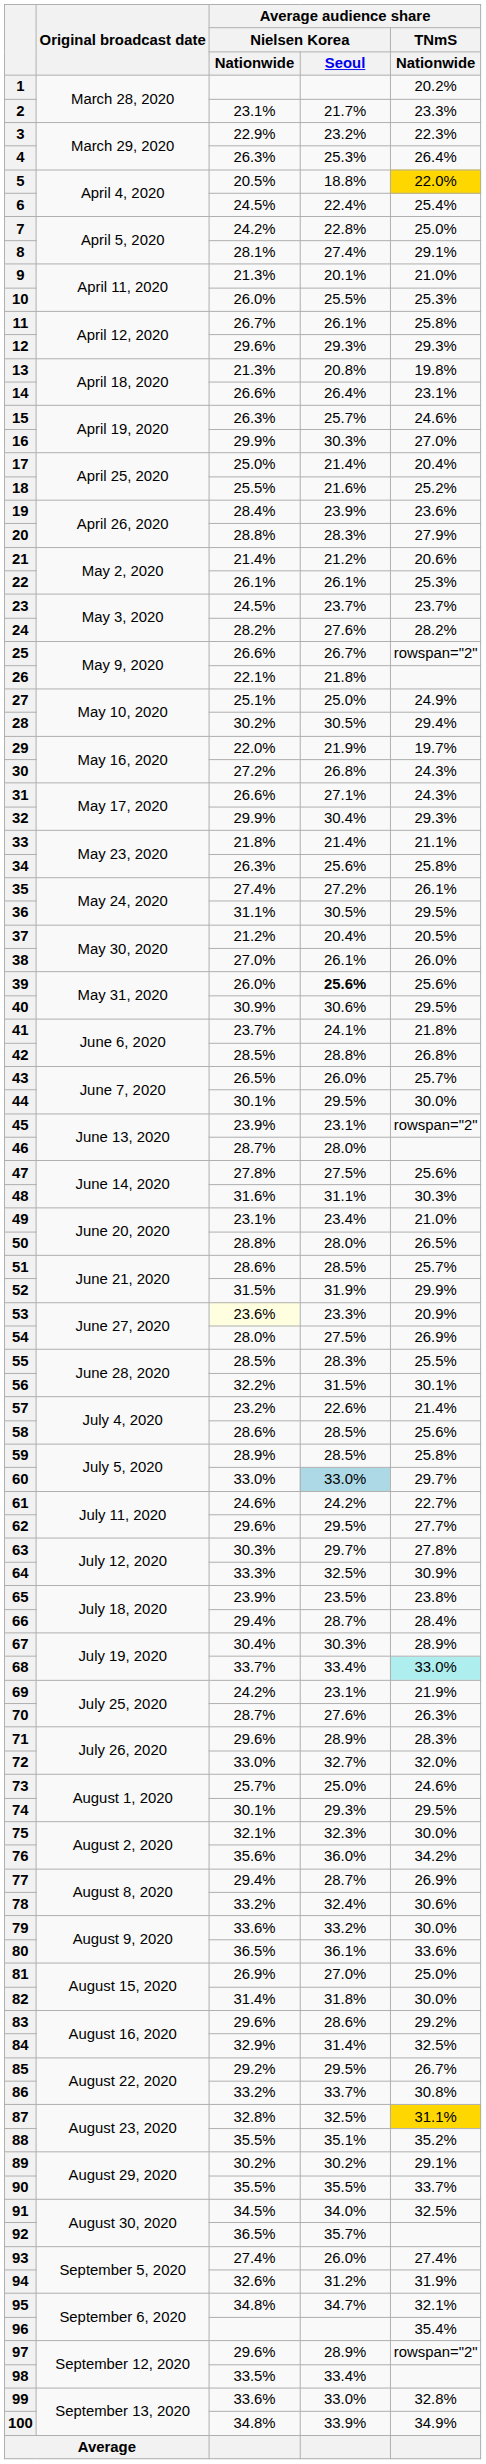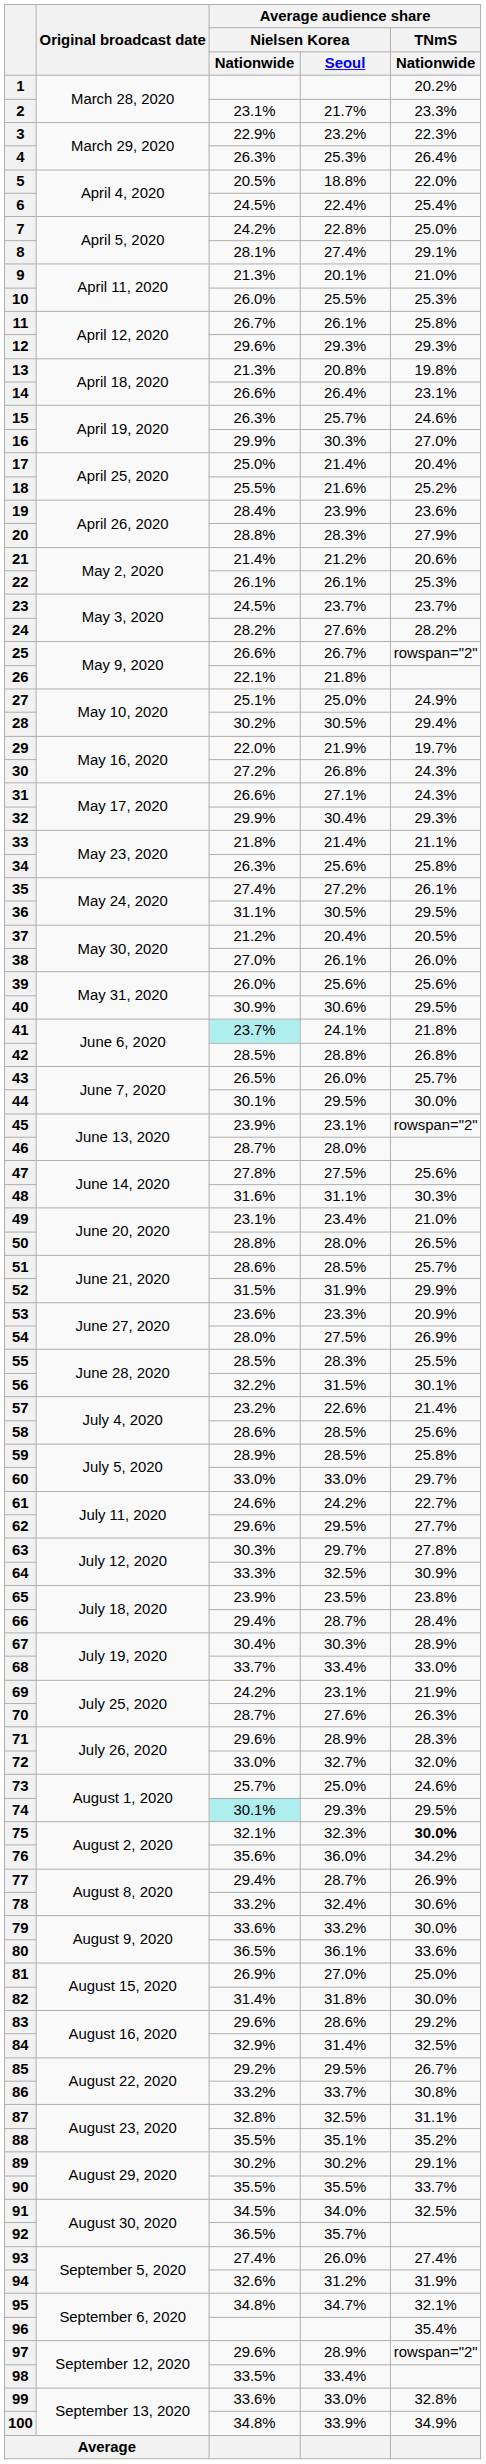 <table class="wikitable" style="text-align:center">
 <tr>
 <th rowspan="3"></th>
 <th rowspan="3">Original broadcast date</th>
 <th colspan="3">Average audience share</th>
 </tr>
 <tr>
 <th colspan="2">Nielsen Korea</th>
 <th>TNmS</th>
 </tr>
 <tr>
 <th width="90">Nationwide</th>
 <th width="90"><a href='#'>Seoul</a></th>
 <th width="90">Nationwide</th>
 </tr>
 <tr>
 <th>1</th>
 <td rowspan="2">March 28, 2020</td>
 <td></td>
 <td></td>
 <td>20.2%</td>
 </tr>
 <tr>
 <th>2</th>
 <td>23.1%</td>
 <td>21.7%</td>
 <td>23.3%</td>
 </tr>
 <tr>
 <th>3</th>
 <td rowspan="2">March 29, 2020</td>
 <td>22.9%</td>
 <td>23.2%</td>
 <td>22.3%</td>
 </tr>
 <tr>
 <th>4</th>
 <td>26.3%</td>
 <td>25.3%</td>
 <td>26.4%</td>
 </tr>
 <tr>
 <th>5</th>
 <td rowspan="2">April 4, 2020</td>
 <td>20.5%</td>
 <td>18.8%</td>
-<td style="background: gold;">22.0%</td>
+<td>22.0%</td>
 </tr>
 <tr>
 <th>6</th>
 <td>24.5%</td>
 <td>22.4%</td>
 <td>25.4%</td>
 </tr>
 <tr>
 <th>7</th>
 <td rowspan="2">April 5, 2020</td>
 <td>24.2%</td>
 <td>22.8%</td>
 <td>25.0%</td>
 </tr>
 <tr>
 <th>8</th>
 <td>28.1%</td>
 <td>27.4%</td>
 <td>29.1%</td>
 </tr>
 <tr>
 <th>9</th>
 <td rowspan="2">April 11, 2020</td>
 <td>21.3%</td>
 <td>20.1%</td>
 <td>21.0%</td>
 </tr>
 <tr>
 <th>10</th>
 <td>26.0%</td>
 <td>25.5%</td>
 <td>25.3%</td>
 </tr>
 <tr>
 <th>11</th>
 <td rowspan="2">April 12, 2020</td>
 <td>26.7%</td>
 <td>26.1%</td>
 <td>25.8%</td>
 </tr>
 <tr>
 <th>12</th>
 <td>29.6%</td>
 <td>29.3%</td>
 <td>29.3%</td>
 </tr>
 <tr>
 <th>13</th>
 <td rowspan="2">April 18, 2020</td>
 <td>21.3%</td>
 <td>20.8%</td>
 <td>19.8%</td>
 </tr>
 <tr>
 <th>14</th>
 <td>26.6%</td>
 <td>26.4%</td>
 <td>23.1%</td>
 </tr>
 <tr>
 <th>15</th>
 <td rowspan="2">April 19, 2020</td>
 <td>26.3%</td>
 <td>25.7%</td>
 <td>24.6%</td>
 </tr>
 <tr>
 <th>16</th>
 <td>29.9%</td>
 <td>30.3%</td>
 <td>27.0%</td>
 </tr>
 <tr>
 <th>17</th>
 <td rowspan="2">April 25, 2020</td>
 <td>25.0%</td>
 <td>21.4%</td>
 <td>20.4%</td>
 </tr>
 <tr>
 <th>18</th>
 <td>25.5%</td>
 <td>21.6%</td>
 <td>25.2%</td>
 </tr>
 <tr>
 <th>19</th>
 <td rowspan="2">April 26, 2020</td>
 <td>28.4%</td>
 <td>23.9%</td>
 <td>23.6%</td>
 </tr>
 <tr>
 <th>20</th>
 <td>28.8%</td>
 <td>28.3%</td>
 <td>27.9%</td>
 </tr>
 <tr>
 <th>21</th>
 <td rowspan="2">May 2, 2020</td>
 <td>21.4%</td>
 <td>21.2%</td>
 <td>20.6%</td>
 </tr>
 <tr>
 <th>22</th>
 <td>26.1%</td>
 <td>26.1%</td>
 <td>25.3%</td>
 </tr>
 <tr>
 <th>23</th>
 <td rowspan="2">May 3, 2020</td>
 <td>24.5%</td>
 <td>23.7%</td>
 <td>23.7%</td>
 </tr>
 <tr>
 <th>24</th>
 <td>28.2%</td>
 <td>27.6%</td>
 <td>28.2%</td>
 </tr>
 <tr>
 <th>25</th>
 <td rowspan="2">May 9, 2020</td>
 <td>26.6%</td>
 <td>26.7%</td>
 <td>rowspan="2" </td>
 </tr>
 <tr>
 <th>26</th>
 <td>22.1%</td>
 <td>21.8%</td>
 </tr>
 <tr>
 <th>27</th>
 <td rowspan="2">May 10, 2020</td>
 <td>25.1%</td>
 <td>25.0%</td>
 <td>24.9%</td>
 </tr>
 <tr>
 <th>28</th>
 <td>30.2%</td>
 <td>30.5%</td>
 <td>29.4%</td>
 </tr>
 <tr>
 <th>29</th>
 <td rowspan="2">May 16, 2020</td>
 <td>22.0%</td>
 <td>21.9%</td>
 <td>19.7%</td>
 </tr>
 <tr>
 <th>30</th>
 <td>27.2%</td>
 <td>26.8%</td>
 <td>24.3%</td>
 </tr>
 <tr>
 <th>31</th>
 <td rowspan="2">May 17, 2020</td>
 <td>26.6%</td>
 <td>27.1%</td>
 <td>24.3%</td>
 </tr>
 <tr>
 <th>32</th>
 <td>29.9%</td>
 <td>30.4%</td>
 <td>29.3%</td>
 </tr>
 <tr>
 <th>33</th>
 <td rowspan="2">May 23, 2020</td>
 <td>21.8%</td>
 <td>21.4%</td>
 <td>21.1%</td>
 </tr>
 <tr>
 <th>34</th>
 <td>26.3%</td>
 <td>25.6%</td>
 <td>25.8%</td>
 </tr>
 <tr>
 <th>35</th>
 <td rowspan="2">May 24, 2020</td>
 <td>27.4%</td>
 <td>27.2%</td>
 <td>26.1%</td>
 </tr>
 <tr>
 <th>36</th>
 <td>31.1%</td>
 <td>30.5%</td>
 <td>29.5%</td>
 </tr>
 <tr>
 <th>37</th>
 <td rowspan="2">May 30, 2020</td>
 <td>21.2%</td>
 <td>20.4%</td>
 <td>20.5%</td>
 </tr>
 <tr>
 <th>38</th>
 <td>27.0%</td>
 <td>26.1%</td>
 <td>26.0%</td>
 </tr>
 <tr>
 <th>39</th>
 <td rowspan="2">May 31, 2020</td>
 <td>26.0%</td>
-<td><strong>25.6%</strong></td>
+<td>25.6%</td>
 <td>25.6%</td>
 </tr>
 <tr>
 <th>40</th>
 <td>30.9%</td>
 <td>30.6%</td>
 <td>29.5%</td>
 </tr>
 <tr>
 <th>41</th>
 <td rowspan="2">June 6, 2020</td>
-<td>23.7%</td>
+<td style="background: paleturquoise;">23.7%</td>
 <td>24.1%</td>
 <td>21.8%</td>
 </tr>
 <tr>
 <th>42</th>
 <td>28.5%</td>
 <td>28.8%</td>
 <td>26.8%</td>
 </tr>
 <tr>
 <th>43</th>
 <td rowspan="2">June 7, 2020</td>
 <td>26.5%</td>
 <td>26.0%</td>
 <td>25.7%</td>
 </tr>
 <tr>
 <th>44</th>
 <td>30.1%</td>
 <td>29.5%</td>
 <td>30.0%</td>
 </tr>
 <tr>
 <th>45</th>
 <td rowspan="2">June 13, 2020</td>
 <td>23.9%</td>
 <td>23.1%</td>
 <td>rowspan="2" </td>
 </tr>
 <tr>
 <th>46</th>
 <td>28.7%</td>
 <td>28.0%</td>
 </tr>
 <tr>
 <th>47</th>
 <td rowspan="2">June 14, 2020</td>
 <td>27.8%</td>
 <td>27.5%</td>
 <td>25.6%</td>
 </tr>
 <tr>
 <th>48</th>
 <td>31.6%</td>
 <td>31.1%</td>
 <td>30.3%</td>
 </tr>
 <tr>
 <th>49</th>
 <td rowspan="2">June 20, 2020</td>
 <td>23.1%</td>
 <td>23.4%</td>
 <td>21.0%</td>
 </tr>
 <tr>
 <th>50</th>
 <td>28.8%</td>
 <td>28.0%</td>
 <td>26.5%</td>
 </tr>
 <tr>
 <th>51</th>
 <td rowspan="2">June 21, 2020</td>
 <td>28.6%</td>
 <td>28.5%</td>
 <td>25.7%</td>
 </tr>
 <tr>
 <th>52</th>
 <td>31.5%</td>
 <td>31.9%</td>
 <td>29.9%</td>
 </tr>
 <tr>
 <th>53</th>
 <td rowspan="2">June 27, 2020</td>
-<td style="background: lightyellow;">23.6%</td>
+<td>23.6%</td>
 <td>23.3%</td>
 <td>20.9%</td>
 </tr>
 <tr>
 <th>54</th>
 <td>28.0%</td>
 <td>27.5%</td>
 <td>26.9%</td>
 </tr>
 <tr>
 <th>55</th>
 <td rowspan="2">June 28, 2020</td>
 <td>28.5%</td>
 <td>28.3%</td>
 <td>25.5%</td>
 </tr>
 <tr>
 <th>56</th>
 <td>32.2%</td>
 <td>31.5%</td>
 <td>30.1%</td>
 </tr>
 <tr>
 <th>57</th>
 <td rowspan="2">July 4, 2020</td>
 <td>23.2%</td>
 <td>22.6%</td>
 <td>21.4%</td>
 </tr>
 <tr>
 <th>58</th>
 <td>28.6%</td>
 <td>28.5%</td>
 <td>25.6%</td>
 </tr>
 <tr>
 <th>59</th>
 <td rowspan="2">July 5, 2020</td>
 <td>28.9%</td>
 <td>28.5%</td>
 <td>25.8%</td>
 </tr>
 <tr>
 <th>60</th>
 <td>33.0%</td>
-<td style="background: lightblue;">33.0%</td>
+<td>33.0%</td>
 <td>29.7%</td>
 </tr>
 <tr>
 <th>61</th>
 <td rowspan="2">July 11, 2020</td>
 <td>24.6%</td>
 <td>24.2%</td>
 <td>22.7%</td>
 </tr>
 <tr>
 <th>62</th>
 <td>29.6%</td>
 <td>29.5%</td>
 <td>27.7%</td>
 </tr>
 <tr>
 <th>63</th>
 <td rowspan="2">July 12, 2020</td>
 <td>30.3%</td>
 <td>29.7%</td>
 <td>27.8%</td>
 </tr>
 <tr>
 <th>64</th>
 <td>33.3%</td>
 <td>32.5%</td>
 <td>30.9%</td>
 </tr>
 <tr>
 <th>65</th>
 <td rowspan="2">July 18, 2020</td>
 <td>23.9%</td>
 <td>23.5%</td>
 <td>23.8%</td>
 </tr>
 <tr>
 <th>66</th>
 <td>29.4%</td>
 <td>28.7%</td>
 <td>28.4%</td>
 </tr>
 <tr>
 <th>67</th>
 <td rowspan="2">July 19, 2020</td>
 <td>30.4%</td>
 <td>30.3%</td>
 <td>28.9%</td>
 </tr>
 <tr>
 <th>68</th>
 <td>33.7%</td>
 <td>33.4%</td>
-<td style="background: paleturquoise;">33.0%</td>
+<td>33.0%</td>
 </tr>
 <tr>
 <th>69</th>
 <td rowspan="2">July 25, 2020</td>
 <td>24.2%</td>
 <td>23.1%</td>
 <td>21.9%</td>
 </tr>
 <tr>
 <th>70</th>
 <td>28.7%</td>
 <td>27.6%</td>
 <td>26.3%</td>
 </tr>
 <tr>
 <th>71</th>
 <td rowspan="2">July 26, 2020</td>
 <td>29.6%</td>
 <td>28.9%</td>
 <td>28.3%</td>
 </tr>
 <tr>
 <th>72</th>
 <td>33.0%</td>
 <td>32.7%</td>
 <td>32.0%</td>
 </tr>
 <tr>
 <th>73</th>
 <td rowspan="2">August 1, 2020</td>
 <td>25.7%</td>
 <td>25.0%</td>
 <td>24.6%</td>
 </tr>
 <tr>
 <th>74</th>
-<td>30.1%</td>
+<td style="background: paleturquoise;">30.1%</td>
 <td>29.3%</td>
 <td>29.5%</td>
 </tr>
 <tr>
 <th>75</th>
 <td rowspan="2">August 2, 2020</td>
 <td>32.1%</td>
 <td>32.3%</td>
-<td>30.0%</td>
+<td><strong>30.0%</strong></td>
 </tr>
 <tr>
 <th>76</th>
 <td>35.6%</td>
 <td>36.0%</td>
 <td>34.2%</td>
 </tr>
 <tr>
 <th>77</th>
 <td rowspan="2">August 8, 2020</td>
 <td>29.4%</td>
 <td>28.7%</td>
 <td>26.9%</td>
 </tr>
 <tr>
 <th>78</th>
 <td>33.2%</td>
 <td>32.4%</td>
 <td>30.6%</td>
 </tr>
 <tr>
 <th>79</th>
 <td rowspan="2">August 9, 2020</td>
 <td>33.6%</td>
 <td>33.2%</td>
 <td>30.0%</td>
 </tr>
 <tr>
 <th>80</th>
 <td>36.5%</td>
 <td>36.1%</td>
 <td>33.6%</td>
 </tr>
 <tr>
 <th>81</th>
 <td rowspan="2">August 15, 2020</td>
 <td>26.9%</td>
 <td>27.0%</td>
 <td>25.0%</td>
 </tr>
 <tr>
 <th>82</th>
 <td>31.4%</td>
 <td>31.8%</td>
 <td>30.0%</td>
 </tr>
 <tr>
 <th>83</th>
 <td rowspan="2">August 16, 2020</td>
 <td>29.6%</td>
 <td>28.6%</td>
 <td>29.2%</td>
 </tr>
 <tr>
 <th>84</th>
 <td>32.9%</td>
 <td>31.4%</td>
 <td>32.5%</td>
 </tr>
 <tr>
 <th>85</th>
 <td rowspan="2">August 22, 2020</td>
 <td>29.2%</td>
 <td>29.5%</td>
 <td>26.7%</td>
 </tr>
 <tr>
 <th>86</th>
 <td>33.2%</td>
 <td>33.7%</td>
 <td>30.8%</td>
 </tr>
 <tr>
 <th>87</th>
 <td rowspan="2">August 23, 2020</td>
 <td>32.8%</td>
 <td>32.5%</td>
-<td style="background: gold;">31.1%</td>
+<td>31.1%</td>
 </tr>
 <tr>
 <th>88</th>
 <td>35.5%</td>
 <td>35.1%</td>
 <td>35.2%</td>
 </tr>
 <tr>
 <th>89</th>
 <td rowspan="2">August 29, 2020</td>
 <td>30.2%</td>
 <td>30.2%</td>
 <td>29.1%</td>
 </tr>
 <tr>
 <th>90</th>
 <td>35.5%</td>
 <td>35.5%</td>
 <td>33.7%</td>
 </tr>
 <tr>
 <th>91</th>
 <td rowspan="2">August 30, 2020</td>
 <td>34.5%</td>
 <td>34.0%</td>
 <td>32.5%</td>
 </tr>
 <tr>
 <th>92</th>
 <td>36.5%</td>
 <td>35.7%</td>
 <td></td>
 </tr>
 <tr>
 <th>93</th>
 <td rowspan="2">September 5, 2020</td>
 <td>27.4%</td>
 <td>26.0%</td>
 <td>27.4%</td>
 </tr>
 <tr>
 <th>94</th>
 <td>32.6%</td>
 <td>31.2%</td>
 <td>31.9%</td>
 </tr>
 <tr>
 <th>95</th>
 <td rowspan="2">September 6, 2020</td>
 <td>34.8%</td>
 <td>34.7%</td>
 <td>32.1%</td>
 </tr>
 <tr>
 <th>96</th>
 <td></td>
 <td></td>
 <td>35.4%</td>
 </tr>
 <tr>
 <th>97</th>
 <td rowspan="2">September 12, 2020</td>
 <td>29.6%</td>
 <td>28.9%</td>
 <td>rowspan="2" </td>
 </tr>
 <tr>
 <th>98</th>
 <td>33.5%</td>
 <td>33.4%</td>
 </tr>
 <tr>
 <th>99</th>
 <td rowspan="2">September 13, 2020</td>
 <td>33.6%</td>
 <td>33.0%</td>
 <td>32.8%</td>
 </tr>
 <tr>
 <th>100</th>
 <td>34.8%</td>
 <td>33.9%</td>
 <td>34.9%</td>
 </tr>
 <tr>
 <th colspan="2">Average</th>
 <th></th>
 <th></th>
 <th></th>
 </tr>
 </table>
